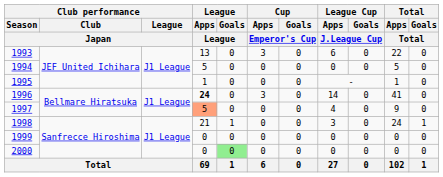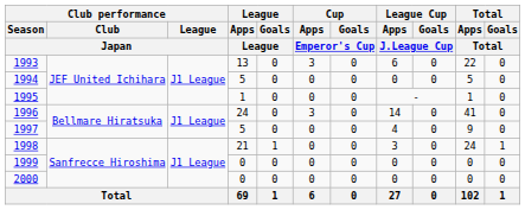 <table class="wikitable" style="text-align:center;">
 <tr>
 <th colspan=3>Club performance</th>
 <th colspan=2>League</th>
 <th colspan=2>Cup</th>
 <th colspan=2>League Cup</th>
 <th colspan=2>Total</th>
 </tr>
 <tr>
 <th>Season</th>
 <th>Club</th>
 <th>League</th>
 <th>Apps</th>
 <th>Goals</th>
 <th>Apps</th>
 <th>Goals</th>
 <th>Apps</th>
 <th>Goals</th>
 <th>Apps</th>
 <th>Goals</th>
 </tr>
 <tr>
 <th colspan=3>Japan</th>
 <th colspan=2>League</th>
 <th colspan=2><a href='#'>Emperor's Cup</a></th>
 <th colspan=2><a href='#'>J.League Cup</a></th>
 <th colspan=2>Total</th>
 </tr>
 <tr>
 <td><a href='#'>1993</a></td>
 <td rowspan="3"><a href='#'>JEF United Ichihara</a></td>
 <td rowspan="3"><a href='#'>J1 League</a></td>
 <td>13</td>
 <td>0</td>
 <td>3</td>
 <td>0</td>
 <td>6</td>
 <td>0</td>
 <td>22</td>
 <td>0</td>
 </tr>
 <tr>
 <td><a href='#'>1994</a></td>
 <td>5</td>
 <td>0</td>
 <td>0</td>
 <td>0</td>
 <td>0</td>
 <td>0</td>
 <td>5</td>
 <td>0</td>
 </tr>
 <tr>
 <td><a href='#'>1995</a></td>
 <td>1</td>
 <td>0</td>
 <td>0</td>
 <td>0</td>
 <td colspan="2">-</td>
 <td>1</td>
 <td>0</td>
 </tr>
 <tr>
 <td><a href='#'>1996</a></td>
 <td rowspan="2"><a href='#'>Bellmare Hiratsuka</a></td>
 <td rowspan="2"><a href='#'>J1 League</a></td>
-<td><strong>24</strong></td>
+<td>24</td>
 <td>0</td>
 <td>3</td>
 <td>0</td>
 <td>14</td>
 <td>0</td>
 <td>41</td>
 <td>0</td>
 </tr>
 <tr>
 <td><a href='#'>1997</a></td>
-<td style="background: lightsalmon;">5</td>
+<td>5</td>
 <td>0</td>
 <td>0</td>
 <td>0</td>
 <td>4</td>
 <td>0</td>
 <td>9</td>
 <td>0</td>
 </tr>
 <tr>
 <td><a href='#'>1998</a></td>
 <td rowspan="3"><a href='#'>Sanfrecce Hiroshima</a></td>
 <td rowspan="3"><a href='#'>J1 League</a></td>
 <td>21</td>
 <td>1</td>
 <td>0</td>
 <td>0</td>
 <td>3</td>
 <td>0</td>
 <td>24</td>
 <td>1</td>
 </tr>
 <tr>
 <td><a href='#'>1999</a></td>
 <td>0</td>
 <td>0</td>
 <td>0</td>
 <td>0</td>
 <td>0</td>
 <td>0</td>
 <td>0</td>
 <td>0</td>
 </tr>
 <tr>
 <td><a href='#'>2000</a></td>
 <td>0</td>
-<td style="background: lightgreen;">0</td>
+<td>0</td>
 <td>0</td>
 <td>0</td>
 <td>0</td>
 <td>0</td>
 <td>0</td>
 <td>0</td>
 </tr>
 <tr>
 <th colspan=3>Total</th>
 <th>69</th>
 <th>1</th>
 <th>6</th>
 <th>0</th>
 <th>27</th>
 <th>0</th>
 <th>102</th>
 <th>1</th>
 </tr>
 </table>
